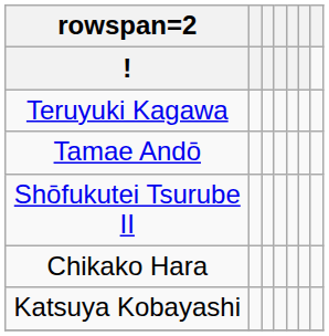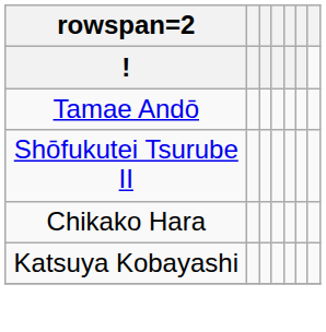 <table class="wikitable" style="text-align:center;font-size:100%;vertical-align:bottom;">
 <tr>
 <th>rowspan=2 </th>
 <th></th>
 <th></th>
 <th></th>
 <th></th>
 <th></th>
 <th></th>
 </tr>
 <tr>
 <th>! </th>
 <th></th>
 <th></th>
 <th></th>
 <th></th>
 <th></th>
-</tr>
-<tr>
-<td width="140"><a href='#'>Teruyuki Kagawa</a></td>
-<td></td>
-<td></td>
-<td></td>
-<td></td>
-<td></td>
-<td></td>
 </tr>
 <tr>
 <td width="140"><a href='#'>Tamae Andō</a></td>
 <td></td>
 <td></td>
 <td></td>
 <td></td>
 <td></td>
 <td></td>
 </tr>
 <tr>
 <td width="140"><a href='#'>Shōfukutei Tsurube II</a></td>
 <td></td>
 <td></td>
 <td></td>
 <td></td>
 <td></td>
 <td></td>
 </tr>
 <tr>
 <td width="140">Chikako Hara</td>
 <td></td>
 <td></td>
 <td></td>
 <td></td>
 <td></td>
 <td></td>
 </tr>
 <tr>
 <td width="140">Katsuya Kobayashi</td>
 <td></td>
 <td></td>
 <td></td>
 <td></td>
 <td></td>
 <td></td>
 </tr>
 <tr>
 </tr>
 </table>
